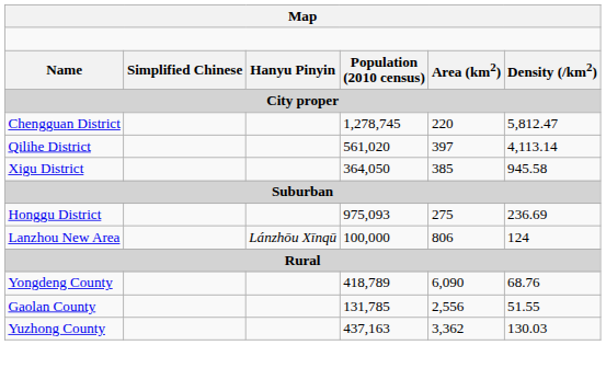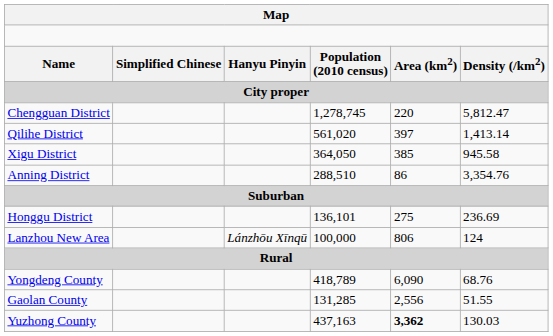 <table class="wikitable">
 <tr>
 <th colspan="6">Map</th>
 </tr>
 <tr>
 <td colspan="6"><br>         </td>
 </tr>
 <tr>
 <th>Name</th>
 <th>Simplified Chinese</th>
 <th>Hanyu Pinyin</th>
 <th>Population<br>(2010 census)</th>
 <th>Area (km<sup>2</sup>)</th>
 <th>Density (/km<sup>2</sup>)</th>
 </tr>
 <tr>
 <td colspan="6" align="center" bgcolor="#D3D3D3"><strong>City proper</strong></td>
 </tr>
 <tr>
 <td><a href='#'>Chengguan District</a></td>
 <td></td>
 <td></td>
 <td>1,278,745</td>
 <td>220</td>
 <td>5,812.47</td>
 </tr>
 <tr>
 <td><a href='#'>Qilihe District</a></td>
 <td></td>
 <td></td>
 <td>561,020</td>
 <td>397</td>
-<td>4,113.14</td>
+<td>1,413.14</td>
 </tr>
 <tr>
 <td><a href='#'>Xigu District</a></td>
 <td></td>
 <td></td>
 <td>364,050</td>
 <td>385</td>
 <td>945.58</td>
 </tr>
 <tr>
+<td><a href='#'>Anning District</a></td>
+<td></td>
+<td></td>
+<td>288,510</td>
+<td>86</td>
+<td>3,354.76</td>
+</tr>
+<tr>
 <td colspan="6" align="center" bgcolor="#D3D3D3"><strong>Suburban</strong></td>
 </tr>
 <tr>
 <td><a href='#'>Honggu District</a></td>
 <td></td>
 <td></td>
-<td>975,093</td>
+<td>136,101</td>
 <td>275</td>
 <td>236.69</td>
 </tr>
 <tr>
 <td><a href='#'>Lanzhou New Area</a></td>
 <td></td>
 <td><em>Lánzhōu Xīnqū</em></td>
 <td>100,000</td>
 <td>806</td>
 <td>124</td>
 </tr>
 <tr>
 <td colspan="6" align="center" bgcolor="#D3D3D3"><strong>Rural</strong></td>
 </tr>
 <tr>
 <td><a href='#'>Yongdeng County</a></td>
 <td></td>
 <td></td>
 <td>418,789</td>
 <td>6,090</td>
 <td>68.76</td>
 </tr>
 <tr>
 <td><a href='#'>Gaolan County</a></td>
 <td></td>
 <td></td>
-<td>131,785</td>
+<td>131,285</td>
 <td>2,556</td>
 <td>51.55</td>
 </tr>
 <tr>
 <td><a href='#'>Yuzhong County</a></td>
 <td></td>
 <td></td>
 <td>437,163</td>
-<td>3,362</td>
+<td><strong>3,362</strong></td>
 <td>130.03</td>
 </tr>
 </table>
